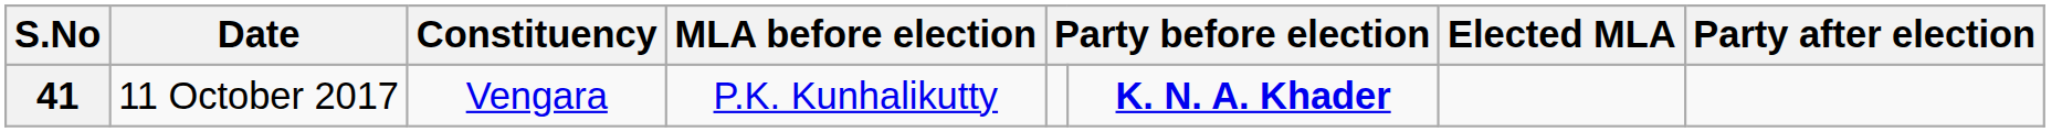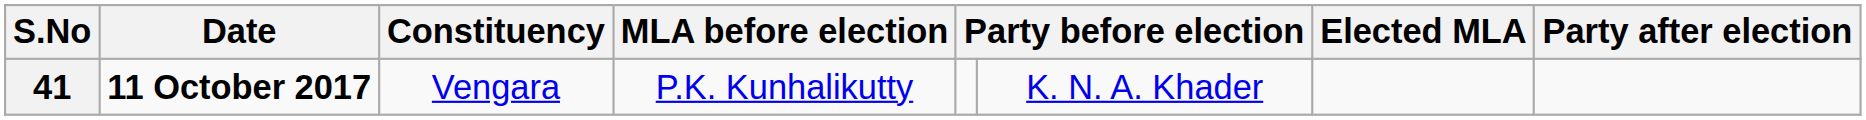 <table class="wikitable sortable" style="text-align:center;">
 <tr>
 <th>S.No</th>
 <th>Date</th>
 <th>Constituency</th>
 <th>MLA before election</th>
 <th colspan="2">Party before election</th>
 <th>Elected MLA</th>
 <th colspan="2">Party after election</th>
 </tr>
 <tr>
 <th>41</th>
-<td>11 October 2017</td>
+<td><strong>11 October 2017</strong></td>
 <td><a href='#'>Vengara</a></td>
 <td><a href='#'>P.K. Kunhalikutty</a></td>
 <td></td>
-<td><strong><a href='#'>K. N. A. Khader</a></strong></td>
+<td><a href='#'>K. N. A. Khader</a></td>
 <td></td>
 </tr>
 </table>
